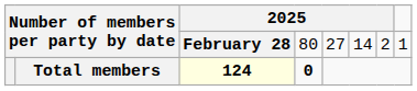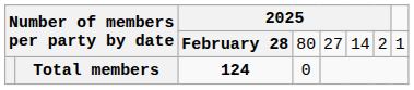 <table class="wikitable">
 <tr>
 <th colspan="2" rowspan="2">Number of members<br>per party by date</th>
 <th colspan="5">2025</th>
 </tr>
 <tr>
 <th>February 28<br></th>
 <td align="center">80<br></td>
 <td align="center">27<br></td>
 <td align="center">14<br></td>
 <td align="center">2<br></td>
 <td align="center">1</td>
 </tr>
 <tr>
 <th></th>
 <th>Total members</th>
-<td align="center" style="background: lightyellow;"><strong>124</strong><br></td>
-<td align="center"><strong>0</strong></td>
+<td align="center"><strong>124</strong><br></td>
+<td align="center">0</td>
 </tr>
 </table>
